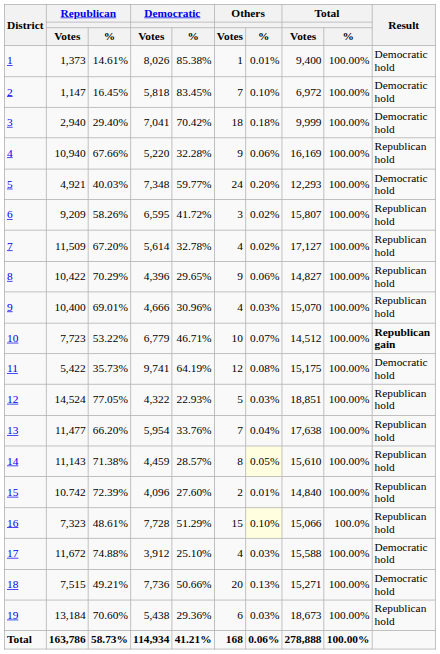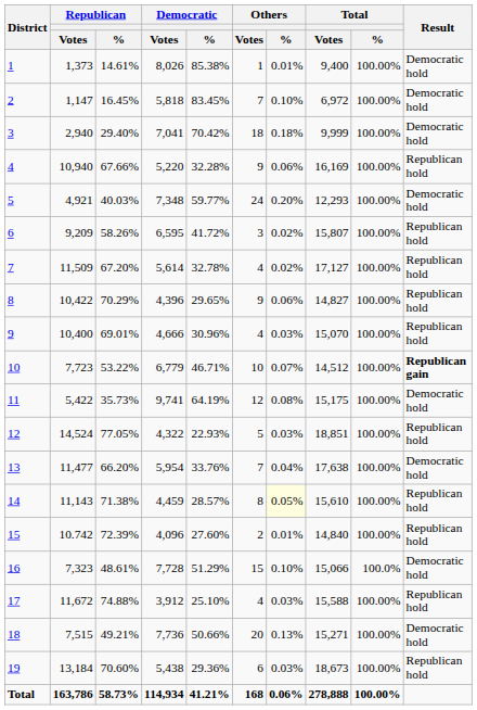 <table class="wikitable plainrowheaders sortable" style="font-size:100%; text-align:right;">
 <tr>
 <th scope=col rowspan=3>District</th>
 <th scope=col colspan=2><a href='#'>Republican</a></th>
 <th scope=col colspan=2><a href='#'>Democratic</a></th>
 <th scope=col colspan=2>Others</th>
 <th scope=col colspan=2>Total</th>
 <th scope=col rowspan=3>Result</th>
 </tr>
 <tr>
 <th scope=col colspan=2 style="background:"></th>
 <th scope=col colspan=2 style="background:"></th>
 <th scope=col colspan=2></th>
 <th scope=col colspan=2></th>
 </tr>
 <tr>
 <th scope=col data-sort-type="number">Votes</th>
 <th scope=col data-sort-type="number">%</th>
 <th scope=col data-sort-type="number">Votes</th>
 <th scope=col data-sort-type="number">%</th>
 <th scope=col data-sort-type="number">Votes</th>
 <th scope=col data-sort-type="number">%</th>
 <th scope=col data-sort-type="number">Votes</th>
 <th scope=col data-sort-type="number">%</th>
 </tr>
 <tr>
 <td align=left><a href='#'>1</a></td>
 <td>1,373</td>
 <td>14.61%</td>
 <td>8,026</td>
 <td>85.38%</td>
 <td>1</td>
 <td>0.01%</td>
 <td>9,400</td>
 <td>100.00%</td>
 <td align=left>Democratic hold</td>
 </tr>
 <tr>
 <td align=left><a href='#'>2</a></td>
 <td>1,147</td>
 <td>16.45%</td>
 <td>5,818</td>
 <td>83.45%</td>
 <td>7</td>
 <td>0.10%</td>
 <td>6,972</td>
 <td>100.00%</td>
 <td align=left>Democratic hold</td>
 </tr>
 <tr>
 <td align=left><a href='#'>3</a></td>
 <td>2,940</td>
 <td>29.40%</td>
 <td>7,041</td>
 <td>70.42%</td>
 <td>18</td>
 <td>0.18%</td>
 <td>9,999</td>
 <td>100.00%</td>
 <td align=left>Democratic hold</td>
 </tr>
 <tr>
 <td align=left><a href='#'>4</a></td>
 <td>10,940</td>
 <td>67.66%</td>
 <td>5,220</td>
 <td>32.28%</td>
 <td>9</td>
 <td>0.06%</td>
 <td>16,169</td>
 <td>100.00%</td>
 <td align=left>Republican hold</td>
 </tr>
 <tr>
 <td align=left><a href='#'>5</a></td>
 <td>4,921</td>
 <td>40.03%</td>
 <td>7,348</td>
 <td>59.77%</td>
 <td>24</td>
 <td>0.20%</td>
 <td>12,293</td>
 <td>100.00%</td>
 <td align=left>Democratic hold</td>
 </tr>
 <tr>
 <td align=left><a href='#'>6</a></td>
 <td>9,209</td>
 <td>58.26%</td>
 <td>6,595</td>
 <td>41.72%</td>
 <td>3</td>
 <td>0.02%</td>
 <td>15,807</td>
 <td>100.00%</td>
 <td align=left>Republican hold</td>
 </tr>
 <tr>
 <td align=left><a href='#'>7</a></td>
 <td>11,509</td>
 <td>67.20%</td>
 <td>5,614</td>
 <td>32.78%</td>
 <td>4</td>
 <td>0.02%</td>
 <td>17,127</td>
 <td>100.00%</td>
 <td align=left>Republican hold</td>
 </tr>
 <tr>
 <td align=left><a href='#'>8</a></td>
 <td>10,422</td>
 <td>70.29%</td>
 <td>4,396</td>
 <td>29.65%</td>
 <td>9</td>
 <td>0.06%</td>
 <td>14,827</td>
 <td>100.00%</td>
 <td align=left>Republican hold</td>
 </tr>
 <tr>
 <td align=left><a href='#'>9</a></td>
 <td>10,400</td>
 <td>69.01%</td>
 <td>4,666</td>
 <td>30.96%</td>
 <td>4</td>
 <td>0.03%</td>
 <td>15,070</td>
 <td>100.00%</td>
 <td align=left>Republican hold</td>
 </tr>
 <tr>
 <td align=left><a href='#'>10</a></td>
 <td>7,723</td>
 <td>53.22%</td>
 <td>6,779</td>
 <td>46.71%</td>
 <td>10</td>
 <td>0.07%</td>
 <td>14,512</td>
 <td>100.00%</td>
 <td align=left><strong>Republican gain</strong></td>
 </tr>
 <tr>
 <td align=left><a href='#'>11</a></td>
 <td>5,422</td>
 <td>35.73%</td>
 <td>9,741</td>
 <td>64.19%</td>
 <td>12</td>
 <td>0.08%</td>
 <td>15,175</td>
 <td>100.00%</td>
 <td align=left>Democratic hold</td>
 </tr>
 <tr>
 <td align=left><a href='#'>12</a></td>
 <td>14,524</td>
 <td>77.05%</td>
 <td>4,322</td>
 <td>22.93%</td>
 <td>5</td>
 <td>0.03%</td>
 <td>18,851</td>
 <td>100.00%</td>
 <td align=left>Republican hold</td>
 </tr>
 <tr>
 <td align=left><a href='#'>13</a></td>
 <td>11,477</td>
 <td>66.20%</td>
 <td>5,954</td>
 <td>33.76%</td>
 <td>7</td>
 <td>0.04%</td>
 <td>17,638</td>
 <td>100.00%</td>
-<td align=left>Republican hold</td>
+<td align=left>Democratic hold</td>
 </tr>
 <tr>
 <td align=left><a href='#'>14</a></td>
 <td>11,143</td>
 <td>71.38%</td>
 <td>4,459</td>
 <td>28.57%</td>
 <td>8</td>
 <td style="background: lightyellow;">0.05%</td>
 <td>15,610</td>
 <td>100.00%</td>
 <td align=left>Republican hold</td>
 </tr>
 <tr>
 <td align=left><a href='#'>15</a></td>
 <td>10.742</td>
 <td>72.39%</td>
 <td>4,096</td>
 <td>27.60%</td>
 <td>2</td>
 <td>0.01%</td>
 <td>14,840</td>
 <td>100.00%</td>
 <td align=left>Republican hold</td>
 </tr>
 <tr>
 <td align=left><a href='#'>16</a></td>
 <td>7,323</td>
 <td>48.61%</td>
 <td>7,728</td>
 <td>51.29%</td>
 <td>15</td>
-<td style="background: lightyellow;">0.10%</td>
+<td>0.10%</td>
 <td>15,066</td>
 <td>100.0%</td>
-<td align=left>Republican hold</td>
+<td align=left>Democratic hold</td>
 </tr>
 <tr>
 <td align=left><a href='#'>17</a></td>
 <td>11,672</td>
 <td>74.88%</td>
 <td>3,912</td>
 <td>25.10%</td>
 <td>4</td>
 <td>0.03%</td>
 <td>15,588</td>
 <td>100.00%</td>
-<td align=left>Democratic hold</td>
+<td align=left>Republican hold</td>
 </tr>
 <tr>
 <td align=left><a href='#'>18</a></td>
 <td>7,515</td>
 <td>49.21%</td>
 <td>7,736</td>
 <td>50.66%</td>
 <td>20</td>
 <td>0.13%</td>
 <td>15,271</td>
 <td>100.00%</td>
 <td align=left>Democratic hold</td>
 </tr>
 <tr>
 <td align=left><a href='#'>19</a></td>
 <td>13,184</td>
 <td>70.60%</td>
 <td>5,438</td>
 <td>29.36%</td>
 <td>6</td>
 <td>0.03%</td>
 <td>18,673</td>
 <td>100.00%</td>
 <td align=left>Republican hold</td>
 </tr>
 <tr class="sortbottom" style="font-weight:bold">
 <td align=left>Total</td>
 <td>163,786</td>
 <td>58.73%</td>
 <td>114,934</td>
 <td>41.21%</td>
 <td>168</td>
 <td>0.06%</td>
 <td>278,888</td>
 <td>100.00%</td>
 <td></td>
 </tr>
 </table>
